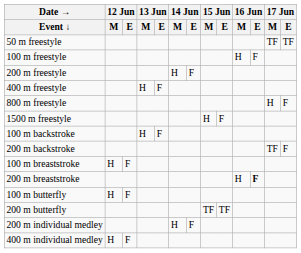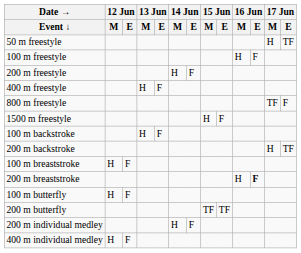 <table class="wikitable swimming-schedule" style="flex:auto 0 1">
 <tr>
 <th>Date →</th>
 <th colspan=2>12 Jun</th>
 <th colspan=2>13 Jun</th>
 <th colspan=2>14 Jun</th>
 <th colspan=2>15 Jun</th>
 <th colspan=2>16 Jun</th>
 <th colspan=2>17 Jun</th>
 </tr>
 <tr>
 <th>Event ↓</th>
 <th>M</th>
 <th>E</th>
 <th>M</th>
 <th>E</th>
 <th>M</th>
 <th>E</th>
 <th>M</th>
 <th>E</th>
 <th>M</th>
 <th>E</th>
 <th>M</th>
 <th>E</th>
 </tr>
 <tr>
 <td class=event>50 m freestyle</td>
 <td colspan=2></td>
 <td colspan=2></td>
 <td colspan=2></td>
 <td colspan=2></td>
 <td colspan=2></td>
-<td class=final>TF</td>
+<td class=heats>H</td>
 <td class=final>TF</td>
 </tr>
 <tr>
 <td class=event>100 m freestyle</td>
 <td colspan=2></td>
 <td colspan=2></td>
 <td colspan=2></td>
 <td colspan=2></td>
 <td class=heats>H</td>
 <td class=final>F</td>
 <td colspan=2></td>
 </tr>
 <tr>
 <td class=event>200 m freestyle</td>
 <td colspan=2></td>
 <td colspan=2></td>
 <td class=heats>H</td>
 <td class=final>F</td>
 <td colspan=2></td>
 <td colspan=2></td>
 <td colspan=2></td>
 </tr>
 <tr>
 <td class=event>400 m freestyle</td>
 <td colspan=2></td>
 <td class=heats>H</td>
 <td class=final>F</td>
 <td colspan=2></td>
 <td colspan=2></td>
 <td colspan=2></td>
 <td colspan=2></td>
 </tr>
 <tr>
 <td class=event>800 m freestyle</td>
 <td colspan=2></td>
 <td colspan=2></td>
 <td colspan=2></td>
 <td colspan=2></td>
 <td colspan=2></td>
-<td class=heats>H</td>
+<td class=final>TF</td>
 <td class=final>F</td>
 </tr>
 <tr>
 <td class=event>1500 m freestyle</td>
 <td colspan=2></td>
 <td colspan=2></td>
 <td colspan=2></td>
 <td class=heats>H</td>
 <td class=final>F</td>
 <td colspan=2></td>
 <td colspan=2></td>
 </tr>
 <tr>
 <td class=event>100 m backstroke</td>
 <td colspan=2></td>
 <td class=heats>H</td>
 <td class=final>F</td>
 <td colspan=2></td>
 <td colspan=2></td>
 <td colspan=2></td>
 <td colspan=2></td>
 </tr>
 <tr>
 <td class=event>200 m backstroke</td>
 <td colspan=2></td>
 <td colspan=2></td>
 <td colspan=2></td>
 <td colspan=2></td>
 <td colspan=2></td>
+<td class=heats>H</td>
 <td class=final>TF</td>
-<td class=final>F</td>
 </tr>
 <tr>
 <td class=event>100 m breaststroke</td>
 <td class=heats>H</td>
 <td class=final>F</td>
 <td colspan=2></td>
 <td colspan=2></td>
 <td colspan=2></td>
 <td colspan=2></td>
 <td colspan=2></td>
 </tr>
 <tr>
 <td class=event>200 m breaststroke</td>
 <td colspan=2></td>
 <td colspan=2></td>
 <td colspan=2></td>
 <td colspan=2></td>
 <td class=heats>H</td>
 <td class=final><strong>F</strong></td>
 <td colspan=2></td>
 </tr>
 <tr>
 <td class=event>100 m butterfly</td>
 <td class=heats>H</td>
 <td class=final>F</td>
 <td colspan=2></td>
 <td colspan=2></td>
 <td colspan=2></td>
 <td colspan=2></td>
 <td colspan=2></td>
 </tr>
 <tr>
 <td class=event>200 m butterfly</td>
 <td colspan=2></td>
 <td colspan=2></td>
 <td colspan=2></td>
 <td class=final>TF</td>
 <td class=final>TF</td>
 <td colspan=2></td>
 <td colspan=2></td>
 </tr>
 <tr>
 <td class=event>200 m individual medley</td>
 <td colspan=2></td>
 <td colspan=2></td>
 <td class=heats>H</td>
 <td class=final>F</td>
 <td colspan=2></td>
 <td colspan=2></td>
 <td colspan=2></td>
 </tr>
 <tr>
 <td class=event>400 m individual medley</td>
 <td class=heats>H</td>
 <td class=final>F</td>
 <td colspan=2></td>
 <td colspan=2></td>
 <td colspan=2></td>
 <td colspan=2></td>
 <td colspan=2></td>
 </tr>
 </table>
